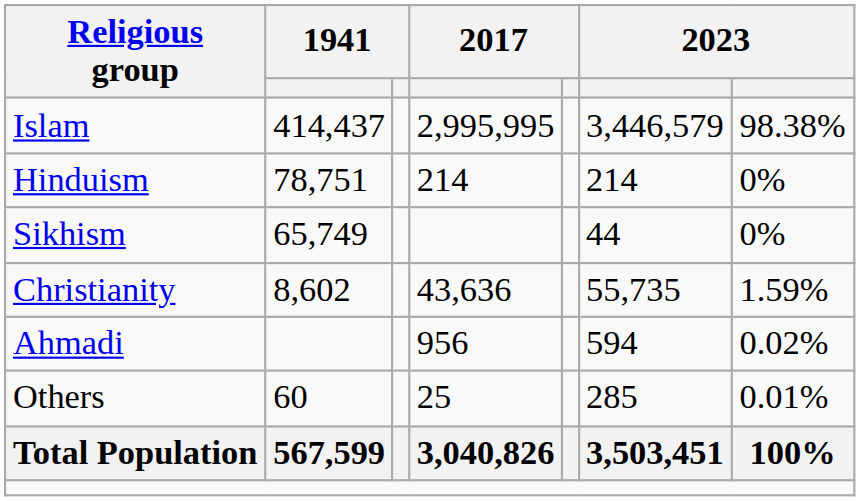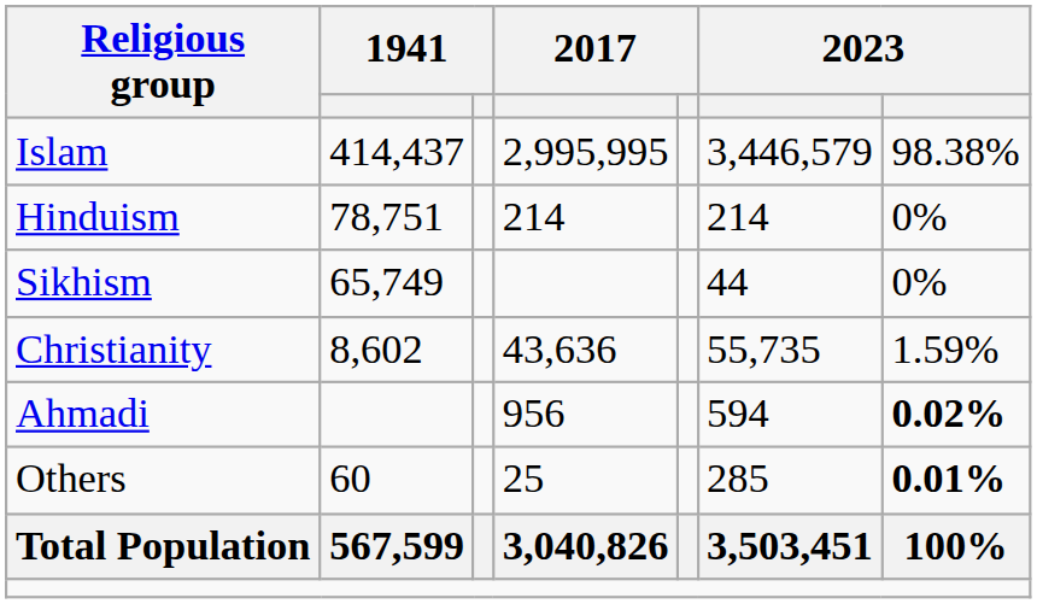 <table class="wikitable sortable">
 <tr>
 <th rowspan="2"><a href='#'>Religious</a><br>group</th>
 <th colspan="2">1941</th>
 <th colspan="2">2017</th>
 <th colspan="2">2023</th>
 </tr>
 <tr>
 <th><a href='#'></a></th>
 <th></th>
 <th></th>
 <th></th>
 <th></th>
 <th></th>
 </tr>
 <tr>
 <td><a href='#'>Islam</a> </td>
 <td>414,437</td>
 <td></td>
 <td>2,995,995</td>
 <td></td>
 <td>3,446,579</td>
 <td>98.38%</td>
 </tr>
 <tr>
 <td><a href='#'>Hinduism</a> </td>
 <td>78,751</td>
 <td></td>
 <td>214</td>
 <td></td>
 <td>214</td>
 <td>0%</td>
 </tr>
 <tr>
 <td><a href='#'>Sikhism</a> </td>
 <td>65,749</td>
 <td></td>
 <td></td>
 <td></td>
 <td>44</td>
 <td>0%</td>
 </tr>
 <tr>
 <td><a href='#'>Christianity</a> </td>
 <td>8,602</td>
 <td></td>
 <td>43,636</td>
 <td></td>
 <td>55,735</td>
 <td>1.59%</td>
 </tr>
 <tr>
 <td><a href='#'>Ahmadi</a></td>
 <td></td>
 <td></td>
 <td>956</td>
 <td></td>
 <td>594</td>
-<td>0.02%</td>
+<td><strong>0.02%</strong></td>
 </tr>
 <tr>
 <td>Others</td>
 <td>60</td>
 <td></td>
 <td>25</td>
 <td></td>
 <td>285</td>
-<td>0.01%</td>
+<td><strong>0.01%</strong></td>
 </tr>
 <tr>
 <th>Total Population</th>
 <th>567,599</th>
 <th></th>
 <th>3,040,826</th>
 <th></th>
 <th>3,503,451</th>
 <th>100%</th>
 </tr>
 <tr class="sortbottom">
 <td colspan="7"></td>
 </tr>
 </table>
